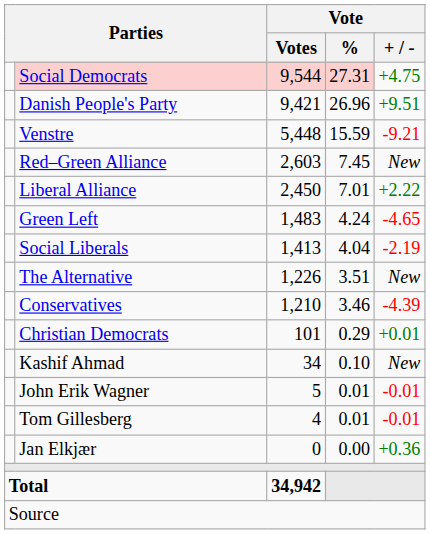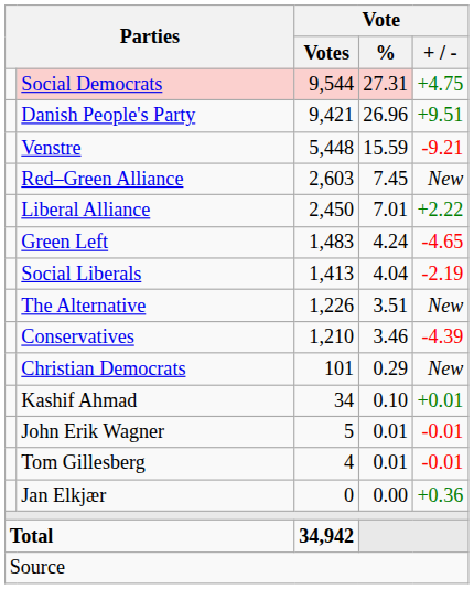 <table class="wikitable" style="text-align:right;">
 <tr>
 <th style="text-align:centre;" rowspan="2" colspan="2" width="225">Parties</th>
 <th colspan="3">Vote</th>
 </tr>
 <tr>
 <th width="15">Votes</th>
 <th width="15">%</th>
 <th width="15">+ / -</th>
 </tr>
 <tr>
 <td width="2" style="color:inherit;background:"></td>
 <td bgcolor=#fbd0ce  align="left"><a href='#'>Social Democrats</a></td>
 <td bgcolor=#fbd0ce>9,544</td>
 <td bgcolor=#fbd0ce>27.31</td>
 <td style=color:green;>+4.75</td>
 </tr>
 <tr>
 <td width="2" style="color:inherit;background:"></td>
 <td align="left"><a href='#'>Danish People's Party</a></td>
 <td>9,421</td>
 <td>26.96</td>
 <td style=color:green;>+9.51</td>
 </tr>
 <tr>
 <td width="2" style="color:inherit;background:"></td>
 <td align="left"><a href='#'>Venstre</a></td>
 <td>5,448</td>
 <td>15.59</td>
 <td style=color:red;>-9.21</td>
 </tr>
 <tr>
 <td width="2" style="color:inherit;background:"></td>
 <td align="left"><a href='#'>Red–Green Alliance</a></td>
 <td>2,603</td>
 <td>7.45</td>
 <td><em>New</em></td>
 </tr>
 <tr>
 <td width="2" style="color:inherit;background:"></td>
 <td align="left"><a href='#'>Liberal Alliance</a></td>
 <td>2,450</td>
 <td>7.01</td>
 <td style=color:green;>+2.22</td>
 </tr>
 <tr>
 <td width="2" style="color:inherit;background:"></td>
 <td align="left"><a href='#'>Green Left</a></td>
 <td>1,483</td>
 <td>4.24</td>
 <td style=color:red;>-4.65</td>
 </tr>
 <tr>
 <td width="2" style="color:inherit;background:"></td>
 <td align="left"><a href='#'>Social Liberals</a></td>
 <td>1,413</td>
 <td>4.04</td>
 <td style=color:red;>-2.19</td>
 </tr>
 <tr>
 <td width="2" style="color:inherit;background:"></td>
 <td align="left"><a href='#'>The Alternative</a></td>
 <td>1,226</td>
 <td>3.51</td>
 <td><em>New</em></td>
 </tr>
 <tr>
 <td width="2" style="color:inherit;background:"></td>
 <td align="left"><a href='#'>Conservatives</a></td>
 <td>1,210</td>
 <td>3.46</td>
 <td style=color:red;>-4.39</td>
 </tr>
 <tr>
 <td width="2" style="color:inherit;background:"></td>
 <td align="left"><a href='#'>Christian Democrats</a></td>
 <td>101</td>
 <td>0.29</td>
-<td style=color:green;>+0.01</td>
+<td><em>New</em></td>
 </tr>
 <tr>
 <td width="2" style="color:inherit;background:"></td>
 <td align="left">Kashif Ahmad</td>
 <td>34</td>
 <td>0.10</td>
-<td><em>New</em></td>
+<td style=color:green;>+0.01</td>
 </tr>
 <tr>
 <td width="2" style="color:inherit;background:"></td>
 <td align="left">John Erik Wagner</td>
 <td>5</td>
 <td>0.01</td>
 <td style=color:red;>-0.01</td>
 </tr>
 <tr>
 <td width="2" style="color:inherit;background:"></td>
 <td align="left">Tom Gillesberg</td>
 <td>4</td>
 <td>0.01</td>
 <td style=color:red;>-0.01</td>
 </tr>
 <tr>
 <td width="2" style="color:inherit;background:"></td>
 <td align="left">Jan Elkjær</td>
 <td>0</td>
 <td>0.00</td>
 <td style=color:green;>+0.36</td>
 </tr>
 <tr>
 <td colspan="7" bgcolor="#E9E9E9"></td>
 </tr>
 <tr>
 <td align="left" colspan="2"><strong>Total</strong></td>
 <td><strong>34,942</strong></td>
 <td bgcolor="#E9E9E9" colspan="2"></td>
 </tr>
 <tr>
 <td align="left" colspan="6">Source</td>
 </tr>
 </table>
